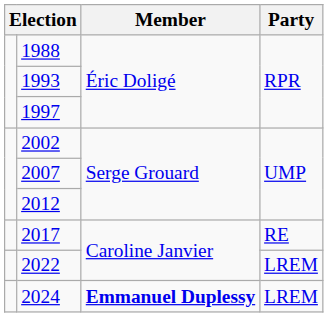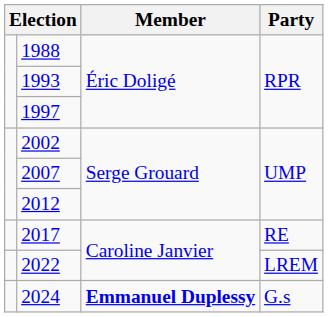 <table class="wikitable">
 <tr>
 <th colspan=2>Election</th>
 <th>Member</th>
 <th>Party</th>
 </tr>
 <tr>
 <td rowspan=3 style="color:inherit;background-color: "></td>
 <td><a href='#'>1988</a></td>
 <td rowspan=3><a href='#'>Éric Doligé</a></td>
 <td rowspan=3><a href='#'>RPR</a></td>
 </tr>
 <tr>
 <td><a href='#'>1993</a></td>
 </tr>
 <tr>
 <td><a href='#'>1997</a></td>
 </tr>
 <tr>
 <td rowspan=3 style="color:inherit;background-color: "></td>
 <td><a href='#'>2002</a></td>
 <td rowspan=3><a href='#'>Serge Grouard</a></td>
 <td rowspan=3><a href='#'>UMP</a></td>
 </tr>
 <tr>
 <td><a href='#'>2007</a></td>
 </tr>
 <tr>
 <td><a href='#'>2012</a></td>
 </tr>
 <tr>
 <td style="color:inherit;background-color: "></td>
 <td><a href='#'>2017</a></td>
 <td rowspan="2"><a href='#'>Caroline Janvier</a></td>
 <td><a href='#'>RE</a></td>
 </tr>
 <tr>
 <td style="color:inherit;background-color: "></td>
 <td><a href='#'>2022</a></td>
 <td><a href='#'>LREM</a></td>
 </tr>
 <tr>
 <td style="color:inherit;background-color: "></td>
 <td><a href='#'>2024</a></td>
 <td><strong><a href='#'>Emmanuel Duplessy</a></strong></td>
-<td><a href='#'>LREM</a></td>
+<td><a href='#'>G.s</a></td>
 </tr>
 </table>
